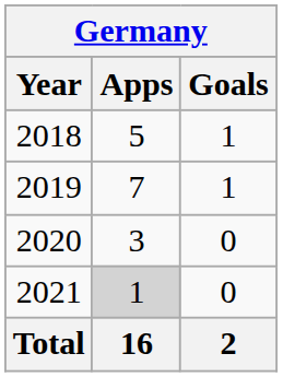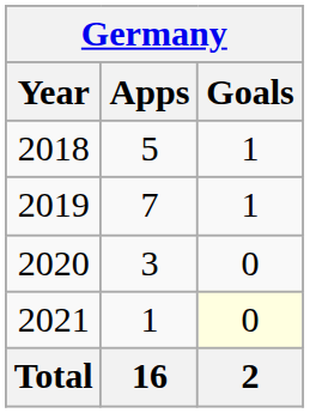 <table class="wikitable" style="text-align:center">
 <tr>
 <th colspan=3><a href='#'>Germany</a></th>
 </tr>
 <tr>
 <th>Year</th>
 <th>Apps</th>
 <th>Goals</th>
 </tr>
 <tr>
 <td>2018</td>
 <td>5</td>
 <td>1</td>
 </tr>
 <tr>
 <td>2019</td>
 <td>7</td>
 <td>1</td>
 </tr>
 <tr>
 <td>2020</td>
 <td>3</td>
 <td>0</td>
 </tr>
 <tr>
 <td>2021</td>
-<td style="background: lightgrey;">1</td>
-<td>0</td>
+<td>1</td>
+<td style="background: lightyellow;">0</td>
 </tr>
 <tr>
 <th>Total</th>
 <th>16</th>
 <th>2</th>
 </tr>
 </table>
